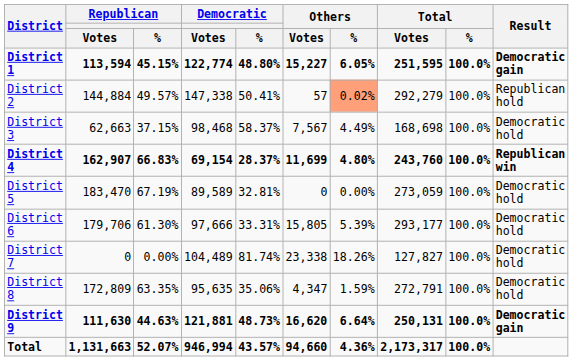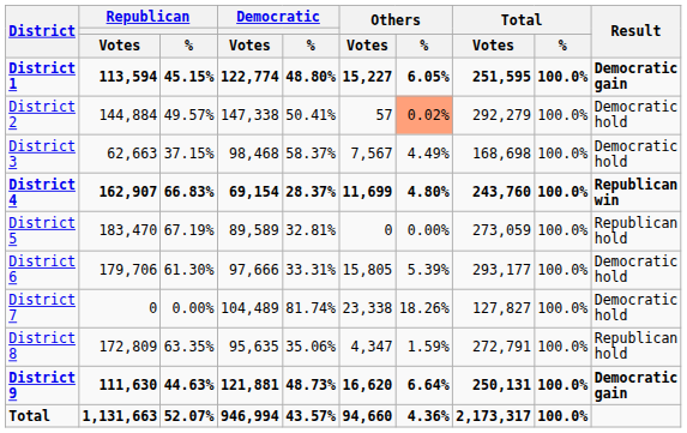 <table class="wikitable plainrowheaders sortable" style="font-size:100%; text-align:right;">
 <tr>
 <th scope=col rowspan=3><a href='#'>District</a></th>
 <th scope=col colspan=2><a href='#'>Republican</a></th>
 <th scope=col colspan=2><a href='#'>Democratic</a></th>
 <th scope=col colspan=2 rowspan=2>Others</th>
 <th scope=col colspan=2 rowspan=2>Total</th>
 <th scope=col rowspan=3>Result</th>
 </tr>
 <tr>
 <th scope=col colspan=2 style="background:"></th>
 <th scope=col colspan=2 style="background:"></th>
 </tr>
 <tr>
 <th scope=col data-sort-type="number">Votes</th>
 <th scope=col data-sort-type="number">%</th>
 <th scope=col data-sort-type="number">Votes</th>
 <th scope=col data-sort-type="number">%</th>
 <th scope=col data-sort-type="number">Votes</th>
 <th scope=col data-sort-type="number">%</th>
 <th scope=col data-sort-type="number">Votes</th>
 <th scope=col data-sort-type="number">%</th>
 </tr>
 <tr>
 <td align=left><strong><a href='#'>District 1</a></strong></td>
 <td><strong>113,594</strong></td>
 <td><strong>45.15%</strong></td>
 <td><strong>122,774</strong></td>
 <td><strong>48.80%</strong></td>
 <td><strong>15,227</strong></td>
 <td><strong>6.05%</strong></td>
 <td><strong>251,595</strong></td>
 <td><strong>100.0%</strong></td>
 <td align=left><strong>Democratic gain</strong></td>
 </tr>
 <tr>
 <td align=left><a href='#'>District 2</a></td>
 <td>144,884</td>
 <td>49.57%</td>
 <td>147,338</td>
 <td>50.41%</td>
 <td>57</td>
 <td style="background: lightsalmon;">0.02%</td>
 <td>292,279</td>
 <td>100.0%</td>
-<td align=left>Republican hold</td>
+<td align=left>Democratic hold</td>
 </tr>
 <tr>
 <td align=left><a href='#'>District 3</a></td>
 <td>62,663</td>
 <td>37.15%</td>
 <td>98,468</td>
 <td>58.37%</td>
 <td>7,567</td>
 <td>4.49%</td>
 <td>168,698</td>
 <td>100.0%</td>
 <td align=left>Democratic hold</td>
 </tr>
 <tr>
 <td align=left><strong><a href='#'>District 4</a></strong></td>
 <td><strong>162,907</strong></td>
 <td><strong>66.83%</strong></td>
 <td><strong>69,154</strong></td>
 <td><strong>28.37%</strong></td>
 <td><strong>11,699</strong></td>
 <td><strong>4.80%</strong></td>
 <td><strong>243,760</strong></td>
 <td><strong>100.0%</strong></td>
 <td align=left><strong>Republican win</strong></td>
 </tr>
 <tr>
 <td align=left><a href='#'>District 5</a></td>
 <td>183,470</td>
 <td>67.19%</td>
 <td>89,589</td>
 <td>32.81%</td>
 <td>0</td>
 <td>0.00%</td>
 <td>273,059</td>
 <td>100.0%</td>
-<td align=left>Democratic hold</td>
+<td align=left>Republican hold</td>
 </tr>
 <tr>
 <td align=left><a href='#'>District 6</a></td>
 <td>179,706</td>
 <td>61.30%</td>
 <td>97,666</td>
 <td>33.31%</td>
 <td>15,805</td>
 <td>5.39%</td>
 <td>293,177</td>
 <td>100.0%</td>
 <td align=left>Democratic hold</td>
 </tr>
 <tr>
 <td align=left><a href='#'>District 7</a></td>
 <td>0</td>
 <td>0.00%</td>
 <td>104,489</td>
 <td>81.74%</td>
 <td>23,338</td>
 <td>18.26%</td>
 <td>127,827</td>
 <td>100.0%</td>
 <td align=left>Democratic hold</td>
 </tr>
 <tr>
 <td align=left><a href='#'>District 8</a></td>
 <td>172,809</td>
 <td>63.35%</td>
 <td>95,635</td>
 <td>35.06%</td>
 <td>4,347</td>
 <td>1.59%</td>
 <td>272,791</td>
 <td>100.0%</td>
-<td align=left>Democratic hold</td>
+<td align=left>Republican hold</td>
 </tr>
 <tr>
 <td align=left><strong><a href='#'>District 9</a></strong></td>
 <td><strong>111,630</strong></td>
 <td><strong>44.63%</strong></td>
 <td><strong>121,881</strong></td>
 <td><strong>48.73%</strong></td>
 <td><strong>16,620</strong></td>
 <td><strong>6.64%</strong></td>
 <td><strong>250,131</strong></td>
 <td><strong>100.0%</strong></td>
 <td align=left><strong>Democratic gain</strong></td>
 </tr>
 <tr class="sortbottom" style="font-weight:bold">
 <td align=left>Total</td>
 <td>1,131,663</td>
 <td>52.07%</td>
 <td>946,994</td>
 <td>43.57%</td>
 <td>94,660</td>
 <td>4.36%</td>
 <td>2,173,317</td>
 <td>100.0%</td>
 <td></td>
 </tr>
 </table>
